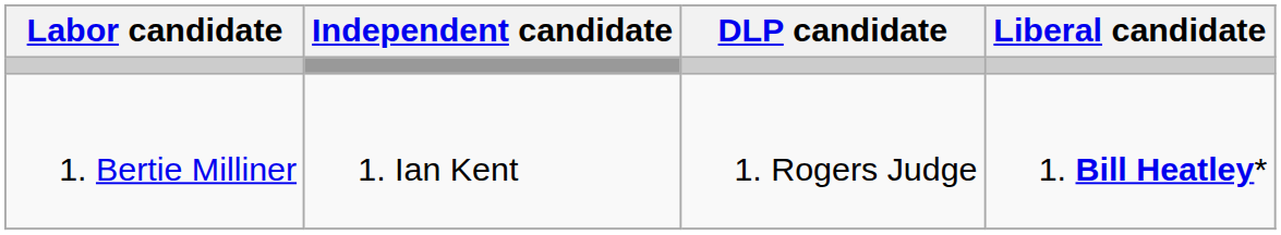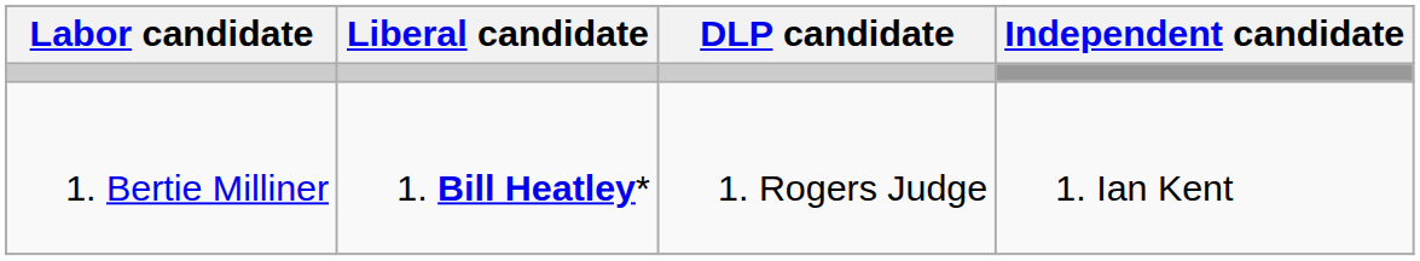 <table class="wikitable">
 <tr>
 <th><a href='#'>Labor</a> candidate</th>
+<th><a href='#'>Liberal</a> candidate</th>
+<th><a href='#'>DLP</a> candidate</th>
 <th><a href='#'>Independent</a> candidate</th>
-<th><a href='#'>DLP</a> candidate</th>
-<th><a href='#'>Liberal</a> candidate</th>
 </tr>
 <tr bgcolor="#cccccc">
 <td></td>
-<td bgcolor="#999999"></td>
 <td></td>
 <td></td>
+<td bgcolor="#999999"></td>
 </tr>
 <tr>
 <td valign=top><br><ol><li><a href='#'>Bertie Milliner</a></li></ol></td>
+<td><br><ol><li><strong><a href='#'>Bill Heatley</a></strong>*</li></ol></td>
+<td valign=top><br><ol><li>Rogers Judge</li></ol></td>
 <td valign=top><br><ol><li>Ian Kent</li></ol></td>
-<td valign=top><br><ol><li>Rogers Judge</li></ol></td>
-<td><br><ol><li><strong><a href='#'>Bill Heatley</a></strong>*</li></ol></td>
 </tr>
 </table>
